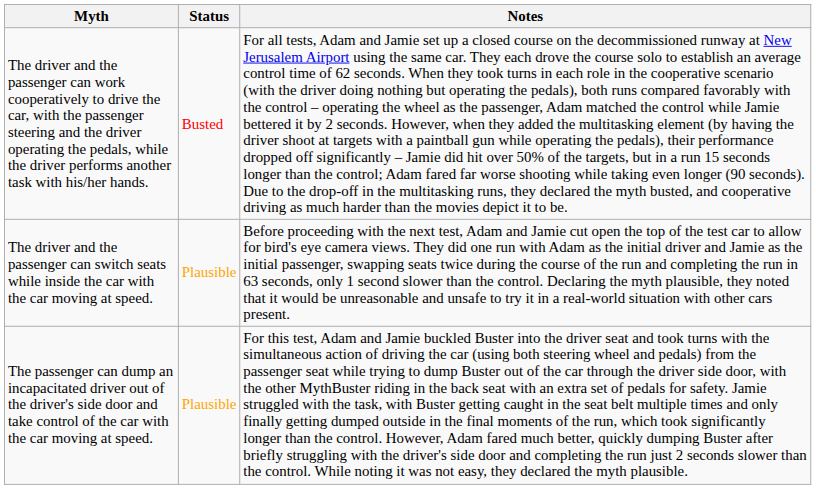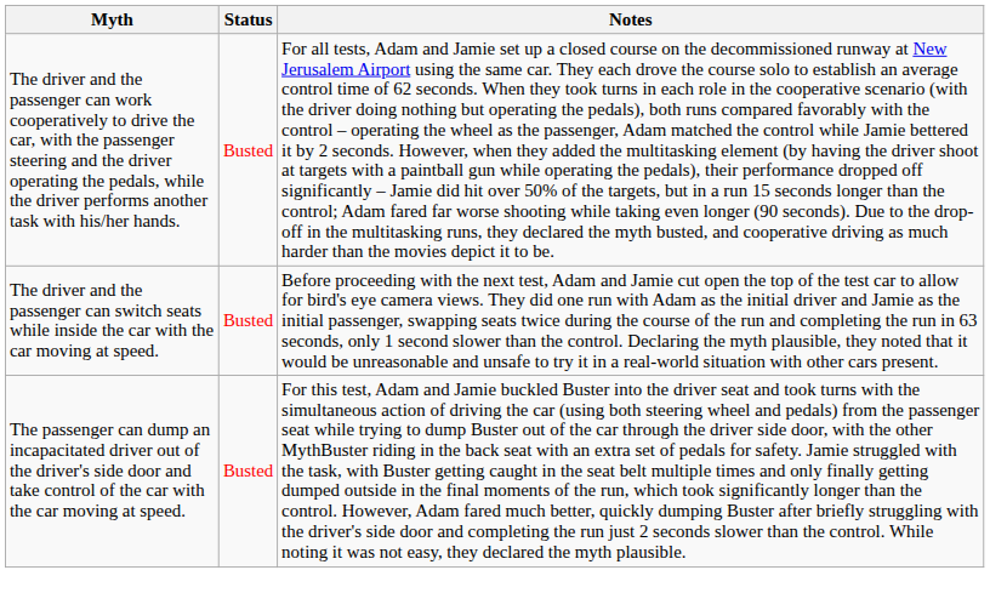 <table class="wikitable plainrowheaders">
 <tr>
 <th scope"col">Myth</th>
 <th scope"col">Status</th>
 <th scope"col">Notes</th>
 </tr>
 <tr>
 <td scope"row">The driver and the passenger can work cooperatively to drive the car, with the passenger steering and the driver operating the pedals, while the driver performs another task with his/her hands.</td>
 <td style="color:red">Busted</td>
 <td>For all tests, Adam and Jamie set up a closed course on the decommissioned runway at <a href='#'>New Jerusalem Airport</a> using the same car. They each drove the course solo to establish an average control time of 62 seconds. When they took turns in each role in the cooperative scenario (with the driver doing nothing but operating the pedals), both runs compared favorably with the control – operating the wheel as the passenger, Adam matched the control while Jamie bettered it by 2 seconds. However, when they added the multitasking element (by having the driver shoot at targets with a paintball gun while operating the pedals), their performance dropped off significantly – Jamie did hit over 50% of the targets, but in a run 15 seconds longer than the control; Adam fared far worse shooting while taking even longer (90 seconds). Due to the drop-off in the multitasking runs, they declared the myth busted, and cooperative driving as much harder than the movies depict it to be.</td>
 </tr>
 <tr>
 <td scope"row">The driver and the passenger can switch seats while inside the car with the car moving at speed.</td>
-<td style="color:orange">Plausible</td>
+<td style="color:red">Busted</td>
 <td>Before proceeding with the next test, Adam and Jamie cut open the top of the test car to allow for bird's eye camera views. They did one run with Adam as the initial driver and Jamie as the initial passenger, swapping seats twice during the course of the run and completing the run in 63 seconds, only 1 second slower than the control. Declaring the myth plausible, they noted that it would be unreasonable and unsafe to try it in a real-world situation with other cars present.</td>
 </tr>
 <tr>
 <td scope"row">The passenger can dump an incapacitated driver out of the driver's side door and take control of the car with the car moving at speed.</td>
-<td style="color:orange">Plausible</td>
+<td style="color:red">Busted</td>
 <td>For this test, Adam and Jamie buckled Buster into the driver seat and took turns with the simultaneous action of driving the car (using both steering wheel and pedals) from the passenger seat while trying to dump Buster out of the car through the driver side door, with the other MythBuster riding in the back seat with an extra set of pedals for safety. Jamie struggled with the task, with Buster getting caught in the seat belt multiple times and only finally getting dumped outside in the final moments of the run, which took significantly longer than the control. However, Adam fared much better, quickly dumping Buster after briefly struggling with the driver's side door and completing the run just 2 seconds slower than the control. While noting it was not easy, they declared the myth plausible.</td>
 </tr>
 </table>
